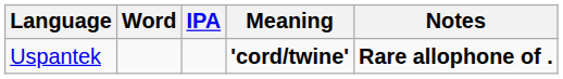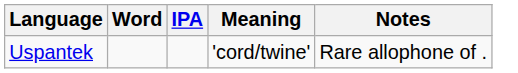 <table class="wikitable">
 <tr>
 <th colspan="2">Language</th>
 <th>Word</th>
 <th><a href='#'>IPA</a></th>
 <th>Meaning</th>
 <th>Notes</th>
 </tr>
 <tr>
 <td colspan="2"><a href='#'>Uspantek</a></td>
 <td></td>
 <td></td>
-<td><strong>'cord/twine'</strong></td>
-<td><strong>Rare allophone of .</strong></td>
+<td>'cord/twine'</td>
+<td>Rare allophone of .</td>
 </tr>
 </table>
